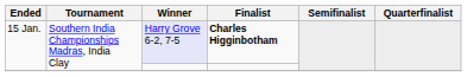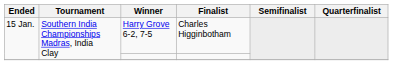 <table class="wikitable" style="font-size:85%;">
 <tr>
 <th width="75">Ended</th>
 <th width="230">Tournament</th>
 <th width="210">Winner</th>
 <th width="210">Finalist</th>
 <th width="170">Semifinalist</th>
 <th width="170">Quarterfinalist</th>
 </tr>
 <tr valign=top>
 <td rowspan=2>15 Jan.</td>
 <td rowspan=2><a href='#'>Southern India Championships</a><br><a href='#'>Madras</a>, India<br>Clay</td>
-<td style="background: lavender;"> <a href='#'>Harry Grove</a><br>6-2, 7-5</td>
-<td><strong> Charles Higginbotham</strong></td>
+<td> <a href='#'>Harry Grove</a><br>6-2, 7-5</td>
+<td> Charles Higginbotham</td>
 <td style="background:#ededed;" rowspan=2></td>
 <td style="background:#ededed;" rowspan=2></td>
 </tr>
 <tr valign=top>
 <td></td>
 <td></td>
 </tr>
 <tr valign=top>
 </tr>
 </table>
